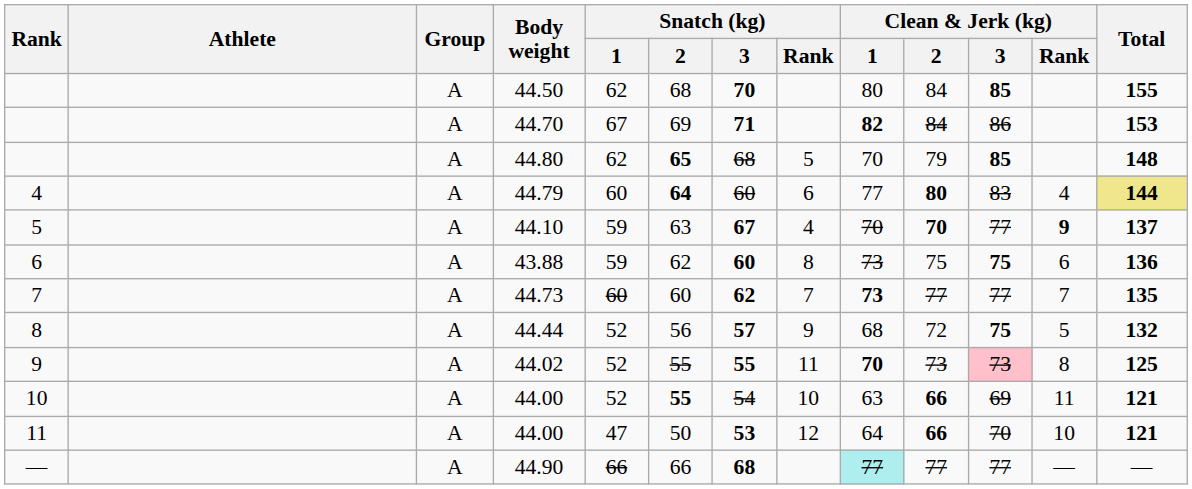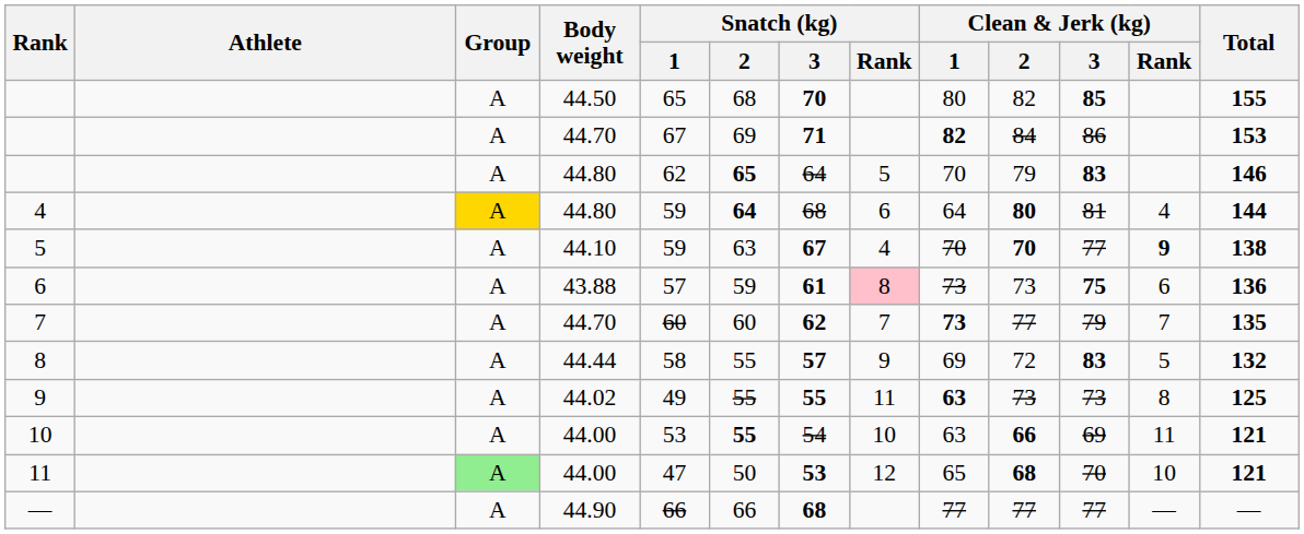 <table class = "wikitable" style="text-align:center;">
 <tr>
 <th rowspan=2 width=40>Rank</th>
 <th rowspan=2 width=250>Athlete</th>
 <th rowspan=2 width=50>Group</th>
 <th rowspan=2 width=60>Body weight</th>
 <th colspan=4>Snatch (kg)</th>
 <th colspan=4>Clean & Jerk (kg)</th>
 <th rowspan=2 width=60>Total</th>
 </tr>
 <tr>
 <th width=40>1</th>
 <th width=40>2</th>
 <th width=40>3</th>
 <th width=40>Rank</th>
 <th width=40>1</th>
 <th width=40>2</th>
 <th width=40>3</th>
 <th width=40>Rank</th>
 </tr>
 <tr>
 <td></td>
 <td align=left></td>
 <td>A</td>
 <td>44.50</td>
-<td>62</td>
+<td>65</td>
 <td>68</td>
 <td><strong>70</strong></td>
 <td></td>
 <td>80</td>
-<td>84</td>
+<td>82</td>
 <td><strong>85</strong></td>
 <td></td>
 <td><strong>155</strong></td>
 </tr>
 <tr>
 <td></td>
 <td align=left></td>
 <td>A</td>
 <td>44.70</td>
 <td>67</td>
 <td>69</td>
 <td><strong>71</strong></td>
 <td></td>
 <td><strong>82</strong></td>
 <td><s>84</s></td>
 <td><s>86</s></td>
 <td></td>
 <td><strong>153</strong></td>
 </tr>
 <tr>
 <td></td>
 <td align=left></td>
 <td>A</td>
 <td>44.80</td>
 <td>62</td>
 <td><strong>65</strong></td>
-<td><s>68</s></td>
+<td><s>64</s></td>
 <td>5</td>
 <td>70</td>
 <td>79</td>
-<td><strong>85</strong></td>
+<td><strong>83</strong></td>
 <td></td>
-<td><strong>148</strong></td>
+<td><strong>146</strong></td>
 </tr>
 <tr>
 <td>4</td>
 <td align=left></td>
-<td>A</td>
-<td>44.79</td>
-<td>60</td>
+<td style="background: gold;">A</td>
+<td>44.80</td>
+<td>59</td>
 <td><strong>64</strong></td>
-<td><s>60</s></td>
+<td><s>68</s></td>
 <td>6</td>
-<td>77</td>
+<td>64</td>
 <td><strong>80</strong></td>
-<td><s>83</s></td>
+<td><s>81</s></td>
 <td>4</td>
-<td style="background: khaki;"><strong>144</strong></td>
+<td><strong>144</strong></td>
 </tr>
 <tr>
 <td>5</td>
 <td align=left></td>
 <td>A</td>
 <td>44.10</td>
 <td>59</td>
 <td>63</td>
 <td><strong>67</strong></td>
 <td>4</td>
 <td><s>70</s></td>
 <td><strong>70</strong></td>
 <td><s>77</s></td>
 <td><strong>9</strong></td>
-<td><strong>137</strong></td>
+<td><strong>138</strong></td>
 </tr>
 <tr>
 <td>6</td>
 <td align=left></td>
 <td>A</td>
 <td>43.88</td>
+<td>57</td>
 <td>59</td>
-<td>62</td>
-<td><strong>60</strong></td>
-<td>8</td>
+<td><strong>61</strong></td>
+<td style="background: pink;">8</td>
 <td><s>73</s></td>
-<td>75</td>
+<td>73</td>
 <td><strong>75</strong></td>
 <td>6</td>
 <td><strong>136</strong></td>
 </tr>
 <tr>
 <td>7</td>
 <td align=left></td>
 <td>A</td>
-<td>44.73</td>
+<td>44.70</td>
 <td><s>60</s></td>
 <td>60</td>
 <td><strong>62</strong></td>
 <td>7</td>
 <td><strong>73</strong></td>
 <td><s>77</s></td>
-<td><s>77</s></td>
+<td><s>79</s></td>
 <td>7</td>
 <td><strong>135</strong></td>
 </tr>
 <tr>
 <td>8</td>
 <td align=left></td>
 <td>A</td>
 <td>44.44</td>
-<td>52</td>
-<td>56</td>
+<td>58</td>
+<td>55</td>
 <td><strong>57</strong></td>
 <td>9</td>
-<td>68</td>
+<td>69</td>
 <td>72</td>
-<td><strong>75</strong></td>
+<td><strong>83</strong></td>
 <td>5</td>
 <td><strong>132</strong></td>
 </tr>
 <tr>
 <td>9</td>
 <td align=left></td>
 <td>A</td>
 <td>44.02</td>
-<td>52</td>
+<td>49</td>
 <td><s>55</s></td>
 <td><strong>55</strong></td>
 <td>11</td>
-<td><strong>70</strong></td>
+<td><strong>63</strong></td>
 <td><s>73</s></td>
-<td style="background: pink;"><s>73</s></td>
+<td><s>73</s></td>
 <td>8</td>
 <td><strong>125</strong></td>
 </tr>
 <tr>
 <td>10</td>
 <td align=left></td>
 <td>A</td>
 <td>44.00</td>
-<td>52</td>
+<td>53</td>
 <td><strong>55</strong></td>
 <td><s>54</s></td>
 <td>10</td>
 <td>63</td>
 <td><strong>66</strong></td>
 <td><s>69</s></td>
 <td>11</td>
 <td><strong>121</strong></td>
 </tr>
 <tr>
 <td>11</td>
 <td align=left></td>
-<td>A</td>
+<td style="background: lightgreen;">A</td>
 <td>44.00</td>
 <td>47</td>
 <td>50</td>
 <td><strong>53</strong></td>
 <td>12</td>
-<td>64</td>
-<td><strong>66</strong></td>
+<td>65</td>
+<td><strong>68</strong></td>
 <td><s>70</s></td>
 <td>10</td>
 <td><strong>121</strong></td>
 </tr>
 <tr>
 <td>—</td>
 <td align=left></td>
 <td>A</td>
 <td>44.90</td>
 <td><s>66</s></td>
 <td>66</td>
 <td><strong>68</strong></td>
 <td></td>
-<td style="background: paleturquoise;"><s>77</s></td>
+<td><s>77</s></td>
 <td><s>77</s></td>
 <td><s>77</s></td>
 <td>—</td>
 <td>—</td>
 </tr>
 </table>
